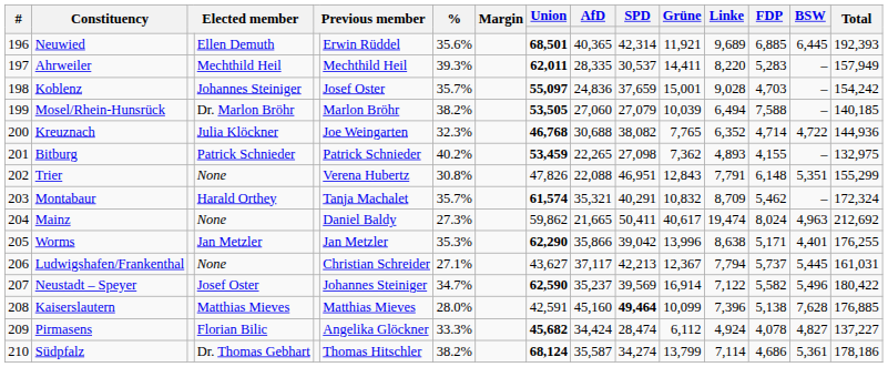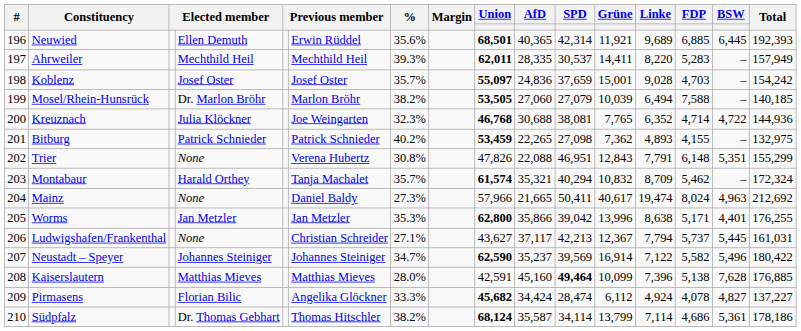 <table class="wikitable sortable" style="text-align:right">
 <tr>
 <th rowspan="2">#</th>
 <th rowspan="2">Constituency</th>
 <th rowspan="2" colspan="2">Elected member</th>
 <th rowspan="2" colspan="2">Previous member</th>
 <th rowspan="2">%</th>
 <th rowspan="2">Margin</th>
 <th class="wikitable sortable" style="width:40px;"><a href='#'>Union</a></th>
 <th class="wikitable sortable" style="width:40px;"><a href='#'>AfD</a></th>
 <th class="wikitable sortable" style="width:40px;"><a href='#'>SPD</a></th>
 <th class="wikitable sortable" style="width:40px;"><a href='#'>Grüne</a></th>
 <th class="wikitable sortable" style="width:40px;"><a href='#'>Linke</a></th>
 <th class="wikitable sortable" style="width:40px;"><a href='#'>FDP</a></th>
 <th class="wikitable sortable" style="width:40px;"><a href='#'>BSW</a></th>
 <th class="wikitable sortable" style="width:40px;" rowspan="2">Total</th>
 </tr>
 <tr>
 <th class="wikitable sortable" style="background:"></th>
 <th class="wikitable sortable" style="background:"></th>
 <th class="wikitable sortable" style="background:"></th>
 <th class="wikitable sortable" style="background:"></th>
 <th class="wikitable sortable" style="background:"></th>
 <th class="wikitable sortable" style="background:"></th>
 <th class="wikitable sortable" style="background:"></th>
 </tr>
 <tr>
 <td>196</td>
 <td align=left><a href='#'>Neuwied</a></td>
 <td bgcolor=></td>
 <td align=left><a href='#'>Ellen Demuth</a></td>
 <td bgcolor=></td>
 <td align=left><a href='#'>Erwin Rüddel</a></td>
 <td>35.6%</td>
 <td></td>
 <td><strong>68,501</strong></td>
 <td>40,365</td>
 <td>42,314</td>
 <td>11,921</td>
 <td>9,689</td>
 <td>6,885</td>
 <td>6,445</td>
 <td>192,393</td>
 </tr>
 <tr>
 <td>197</td>
 <td align=left><a href='#'>Ahrweiler</a></td>
 <td bgcolor=></td>
 <td align=left><a href='#'>Mechthild Heil</a></td>
 <td bgcolor=></td>
 <td align=left><a href='#'>Mechthild Heil</a></td>
 <td>39.3%</td>
 <td></td>
 <td><strong>62,011</strong></td>
 <td>28,335</td>
 <td>30,537</td>
 <td>14,411</td>
 <td>8,220</td>
 <td>5,283</td>
 <td>–</td>
 <td>157,949</td>
 </tr>
 <tr>
 <td>198</td>
 <td align=left><a href='#'>Koblenz</a></td>
 <td bgcolor=></td>
-<td align=left><a href='#'>Johannes Steiniger</a></td>
+<td align=left><a href='#'>Josef Oster</a></td>
 <td bgcolor=></td>
 <td align=left><a href='#'>Josef Oster</a></td>
 <td>35.7%</td>
 <td></td>
 <td><strong>55,097</strong></td>
 <td>24,836</td>
 <td>37,659</td>
 <td>15,001</td>
 <td>9,028</td>
 <td>4,703</td>
 <td>–</td>
 <td>154,242</td>
 </tr>
 <tr>
 <td>199</td>
 <td align=left><a href='#'>Mosel/Rhein-Hunsrück</a></td>
 <td bgcolor=></td>
 <td align=left>Dr. <a href='#'>Marlon Bröhr</a></td>
 <td bgcolor=></td>
 <td align=left><a href='#'>Marlon Bröhr</a></td>
 <td>38.2%</td>
 <td></td>
 <td><strong>53,505</strong></td>
 <td>27,060</td>
 <td>27,079</td>
 <td>10,039</td>
 <td>6,494</td>
 <td>7,588</td>
 <td>–</td>
 <td>140,185</td>
 </tr>
 <tr>
 <td>200</td>
 <td align=left><a href='#'>Kreuznach</a></td>
 <td bgcolor=></td>
 <td align=left><a href='#'>Julia Klöckner</a></td>
 <td bgcolor=></td>
 <td align=left><a href='#'>Joe Weingarten</a></td>
 <td>32.3%</td>
 <td></td>
 <td><strong>46,768</strong></td>
 <td>30,688</td>
-<td>38,082</td>
+<td>38,081</td>
 <td>7,765</td>
 <td>6,352</td>
 <td>4,714</td>
 <td>4,722</td>
 <td>144,936</td>
 </tr>
 <tr>
 <td>201</td>
 <td align=left><a href='#'>Bitburg</a></td>
 <td bgcolor=></td>
 <td align=left><a href='#'>Patrick Schnieder</a></td>
 <td bgcolor=></td>
 <td align=left><a href='#'>Patrick Schnieder</a></td>
 <td>40.2%</td>
 <td></td>
 <td><strong>53,459</strong></td>
 <td>22,265</td>
 <td>27,098</td>
 <td>7,362</td>
 <td>4,893</td>
 <td>4,155</td>
 <td>–</td>
 <td>132,975</td>
 </tr>
 <tr>
 <td>202</td>
 <td align=left><a href='#'>Trier</a></td>
 <td bgcolor=></td>
 <td align=left><em>None</em></td>
 <td bgcolor=></td>
 <td align=left><a href='#'>Verena Hubertz</a></td>
 <td>30.8%</td>
 <td></td>
 <td>47,826</td>
 <td>22,088</td>
 <td>46,951</td>
 <td>12,843</td>
 <td>7,791</td>
 <td>6,148</td>
 <td>5,351</td>
 <td>155,299</td>
 </tr>
 <tr>
 <td>203</td>
 <td align=left><a href='#'>Montabaur</a></td>
 <td bgcolor=></td>
 <td align=left><a href='#'>Harald Orthey</a></td>
 <td bgcolor=></td>
 <td align=left><a href='#'>Tanja Machalet</a></td>
 <td>35.7%</td>
 <td></td>
 <td><strong>61,574</strong></td>
 <td>35,321</td>
-<td>40,291</td>
+<td>40,294</td>
 <td>10,832</td>
 <td>8,709</td>
 <td>5,462</td>
 <td>–</td>
 <td>172,324</td>
 </tr>
 <tr>
 <td>204</td>
 <td align=left><a href='#'>Mainz</a></td>
 <td bgcolor=></td>
 <td align=left><em>None</em></td>
 <td bgcolor=></td>
 <td align=left><a href='#'>Daniel Baldy</a></td>
 <td>27.3%</td>
 <td></td>
-<td>59,862</td>
+<td>57,966</td>
 <td>21,665</td>
 <td>50,411</td>
 <td>40,617</td>
 <td>19,474</td>
 <td>8,024</td>
 <td>4,963</td>
 <td>212,692</td>
 </tr>
 <tr>
 <td>205</td>
 <td align=left><a href='#'>Worms</a></td>
 <td bgcolor=></td>
 <td align=left><a href='#'>Jan Metzler</a></td>
 <td bgcolor=></td>
 <td align=left><a href='#'>Jan Metzler</a></td>
 <td>35.3%</td>
 <td></td>
-<td><strong>62,290</strong></td>
+<td><strong>62,800</strong></td>
 <td>35,866</td>
 <td>39,042</td>
 <td>13,996</td>
 <td>8,638</td>
 <td>5,171</td>
 <td>4,401</td>
 <td>176,255</td>
 </tr>
 <tr>
 <td>206</td>
 <td align=left><a href='#'>Ludwigshafen/Frankenthal</a></td>
 <td bgcolor=></td>
 <td align=left><em>None</em></td>
 <td bgcolor=></td>
 <td align=left><a href='#'>Christian Schreider</a></td>
 <td>27.1%</td>
 <td></td>
 <td>43,627</td>
 <td>37,117</td>
 <td>42,213</td>
 <td>12,367</td>
 <td>7,794</td>
 <td>5,737</td>
 <td>5,445</td>
 <td>161,031</td>
 </tr>
 <tr>
 <td>207</td>
 <td align=left><a href='#'>Neustadt – Speyer</a></td>
 <td bgcolor=></td>
-<td align=left><a href='#'>Josef Oster</a></td>
+<td align=left><a href='#'>Johannes Steiniger</a></td>
 <td bgcolor=></td>
 <td align=left><a href='#'>Johannes Steiniger</a></td>
 <td>34.7%</td>
 <td></td>
 <td><strong>62,590</strong></td>
 <td>35,237</td>
 <td>39,569</td>
 <td>16,914</td>
 <td>7,122</td>
 <td>5,582</td>
 <td>5,496</td>
 <td>180,422</td>
 </tr>
 <tr>
 <td>208</td>
 <td align=left><a href='#'>Kaiserslautern</a></td>
 <td bgcolor=></td>
 <td align=left><a href='#'>Matthias Mieves</a></td>
 <td bgcolor=></td>
 <td align=left><a href='#'>Matthias Mieves</a></td>
 <td>28.0%</td>
 <td></td>
 <td>42,591</td>
 <td>45,160</td>
 <td><strong>49,464</strong></td>
 <td>10,099</td>
 <td>7,396</td>
 <td>5,138</td>
 <td>7,628</td>
 <td>176,885</td>
 </tr>
 <tr>
 <td>209</td>
 <td align=left><a href='#'>Pirmasens</a></td>
 <td bgcolor=></td>
 <td align=left><a href='#'>Florian Bilic</a></td>
 <td bgcolor=></td>
 <td align=left><a href='#'>Angelika Glöckner</a></td>
 <td>33.3%</td>
 <td></td>
 <td><strong>45,682</strong></td>
 <td>34,424</td>
 <td>28,474</td>
 <td>6,112</td>
 <td>4,924</td>
 <td>4,078</td>
 <td>4,827</td>
 <td>137,227</td>
 </tr>
 <tr>
 <td>210</td>
 <td align=left><a href='#'>Südpfalz</a></td>
 <td bgcolor=></td>
 <td align=left>Dr. <a href='#'>Thomas Gebhart</a></td>
 <td bgcolor=></td>
 <td align=left><a href='#'>Thomas Hitschler</a></td>
 <td>38.2%</td>
 <td></td>
 <td><strong>68,124</strong></td>
 <td>35,587</td>
-<td>34,274</td>
+<td>34,114</td>
 <td>13,799</td>
 <td>7,114</td>
 <td>4,686</td>
 <td>5,361</td>
 <td>178,186</td>
 </tr>
 </table>
